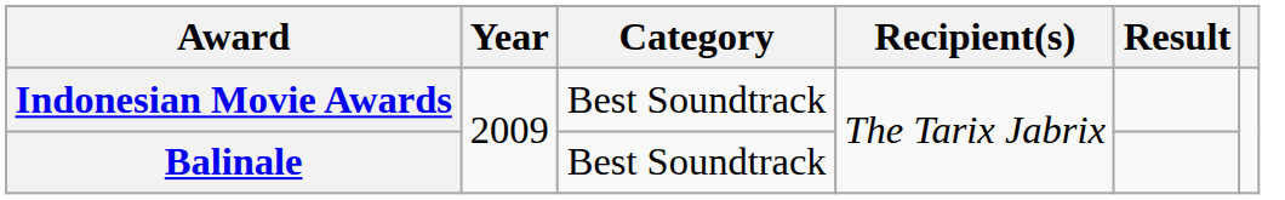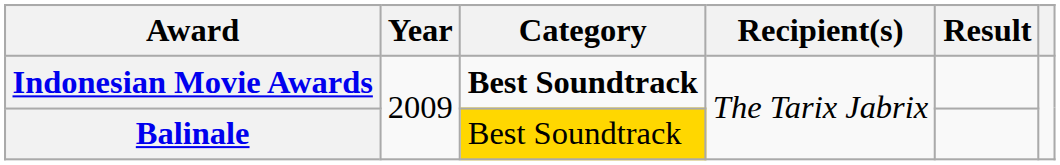 <table class="wikitable plainrowheaders sortable">
 <tr>
 <th scope="col">Award</th>
 <th scope="col">Year</th>
 <th scope="col">Category</th>
 <th scope="col">Recipient(s)</th>
 <th scope="col">Result</th>
 <th scope="col" class="unsortable"></th>
 </tr>
 <tr>
 <th scope="row"><a href='#'>Indonesian Movie Awards</a></th>
 <td rowspan="2">2009</td>
-<td>Best Soundtrack</td>
+<td><strong>Best Soundtrack</strong></td>
 <td rowspan="2"><em>The Tarix Jabrix</em></td>
 <td></td>
 <td rowspan="2" style="text-align:center;"></td>
 </tr>
 <tr>
 <th scope="row"><a href='#'>Balinale</a></th>
-<td>Best Soundtrack</td>
+<td style="background: gold;">Best Soundtrack</td>
 <td></td>
 </tr>
 </table>
